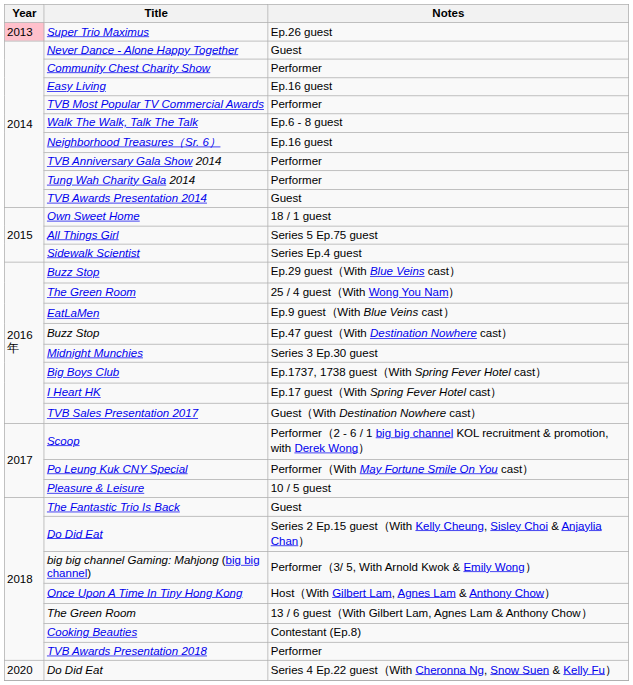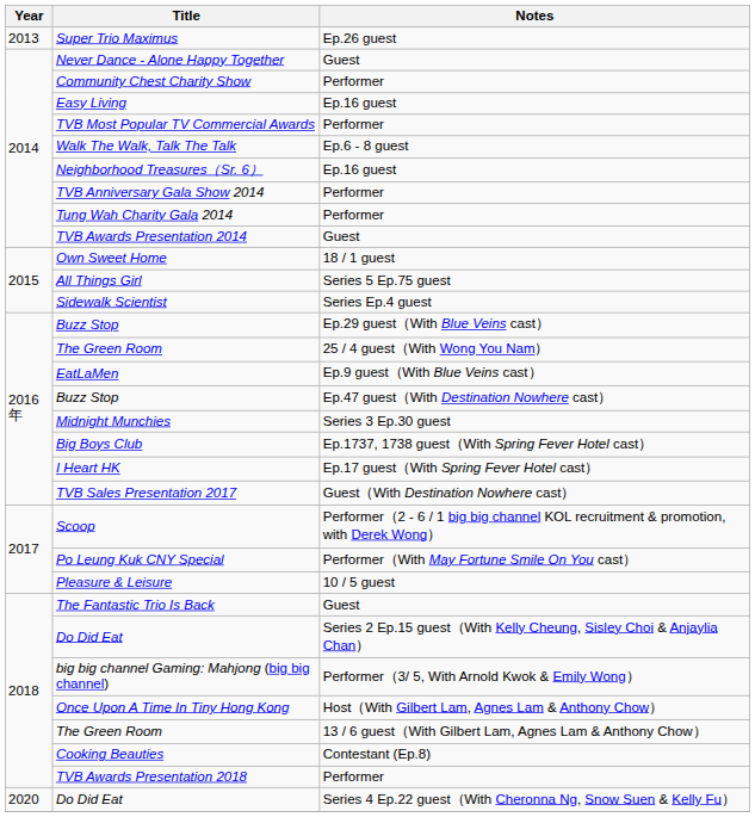 <table class="wikitable plainrowheaders sortable">
 <tr>
 <th scope="col">Year</th>
 <th scope="col">Title</th>
 <th scope="col">Notes</th>
 </tr>
 <tr>
-<td style="background: pink;">2013</td>
+<td>2013</td>
 <td><em><a href='#'>Super Trio Maximus</a></em></td>
 <td>Ep.26 guest</td>
 </tr>
 <tr>
 <td rowspan="9">2014</td>
 <td><em><a href='#'>Never Dance - Alone Happy Together</a></em></td>
 <td>Guest</td>
 </tr>
 <tr>
 <td><em><a href='#'>Community Chest Charity Show</a></em></td>
 <td>Performer</td>
 </tr>
 <tr>
 <td><em><a href='#'>Easy Living</a></em></td>
 <td>Ep.16 guest</td>
 </tr>
 <tr>
 <td><em><a href='#'>TVB Most Popular TV Commercial Awards</a></em></td>
 <td>Performer</td>
 </tr>
 <tr>
 <td><em><a href='#'>Walk The Walk, Talk The Talk</a></em></td>
 <td>Ep.6 - 8 guest</td>
 </tr>
 <tr>
 <td><em><a href='#'>Neighborhood Treasures（Sr. 6）</a></em></td>
 <td>Ep.16 guest</td>
 </tr>
 <tr>
 <td><em><a href='#'>TVB Anniversary Gala Show</a> 2014</em></td>
 <td>Performer</td>
 </tr>
 <tr>
 <td><em><a href='#'>Tung Wah Charity Gala</a> 2014</em></td>
 <td>Performer</td>
 </tr>
 <tr>
 <td><em><a href='#'>TVB Awards Presentation 2014</a></em></td>
 <td>Guest</td>
 </tr>
 <tr>
 <td rowspan="3">2015</td>
 <td><em><a href='#'>Own Sweet Home</a></em></td>
 <td>18 / 1 guest</td>
 </tr>
 <tr>
 <td><em><a href='#'>All Things Girl</a></em></td>
 <td>Series 5 Ep.75 guest</td>
 </tr>
 <tr>
 <td><em><a href='#'>Sidewalk Scientist</a></em></td>
 <td>Series Ep.4 guest</td>
 </tr>
 <tr>
 <td rowspan="8">2016年</td>
 <td><em><a href='#'>Buzz Stop</a></em></td>
 <td>Ep.29 guest（With <em><a href='#'>Blue Veins</a></em> cast）</td>
 </tr>
 <tr>
 <td><em><a href='#'>The Green Room</a></em></td>
 <td>25 / 4 guest（With <a href='#'>Wong You Nam</a>）</td>
 </tr>
 <tr>
 <td><em><a href='#'>EatLaMen</a></em></td>
 <td>Ep.9 guest（With <em>Blue Veins</em> cast）</td>
 </tr>
 <tr>
 <td><em>Buzz Stop</em></td>
 <td>Ep.47 guest（With <em><a href='#'>Destination Nowhere</a></em> cast）</td>
 </tr>
 <tr>
 <td><em><a href='#'>Midnight Munchies</a></em></td>
 <td>Series 3 Ep.30 guest</td>
 </tr>
 <tr>
 <td><em><a href='#'>Big Boys Club</a></em></td>
 <td>Ep.1737, 1738 guest（With <em>Spring Fever Hotel</em> cast）</td>
 </tr>
 <tr>
 <td><em><a href='#'>I Heart HK</a></em></td>
 <td>Ep.17 guest（With <em>Spring Fever Hotel</em> cast）</td>
 </tr>
 <tr>
 <td><em><a href='#'>TVB Sales Presentation 2017</a></em></td>
 <td>Guest（With <em>Destination Nowhere</em> cast）</td>
 </tr>
 <tr>
 <td rowspan="3">2017</td>
 <td><em><a href='#'>Scoop</a></em></td>
 <td>Performer（2 - 6 / 1 <a href='#'>big big channel</a> KOL recruitment & promotion, with <a href='#'>Derek Wong</a>）</td>
 </tr>
 <tr>
 <td><em><a href='#'>Po Leung Kuk CNY Special</a></em></td>
 <td>Performer（With <em><a href='#'>May Fortune Smile On You</a></em> cast）</td>
 </tr>
 <tr>
 <td><em><a href='#'>Pleasure & Leisure</a></em></td>
 <td>10 / 5 guest</td>
 </tr>
 <tr>
 <td rowspan="7">2018</td>
 <td><em><a href='#'>The Fantastic Trio Is Back</a></em></td>
 <td>Guest</td>
 </tr>
 <tr>
 <td><em><a href='#'>Do Did Eat</a></em></td>
 <td>Series 2 Ep.15 guest（With <a href='#'>Kelly Cheung</a>, <a href='#'>Sisley Choi</a> & <a href='#'>Anjaylia Chan</a>）</td>
 </tr>
 <tr>
 <td><em>big big channel Gaming: Mahjong</em> (<a href='#'>big big channel</a>)</td>
 <td>Performer（3/ 5, With Arnold Kwok & <a href='#'>Emily Wong</a>）</td>
 </tr>
 <tr>
 <td><em><a href='#'>Once Upon A Time In Tiny Hong Kong</a></em></td>
 <td>Host（With <a href='#'>Gilbert Lam</a>, <a href='#'>Agnes Lam</a> & <a href='#'>Anthony Chow</a>）</td>
 </tr>
 <tr>
 <td><em>The Green Room</em></td>
 <td>13 / 6 guest（With Gilbert Lam, Agnes Lam & Anthony Chow）</td>
 </tr>
 <tr>
 <td><em><a href='#'>Cooking Beauties</a></em></td>
 <td>Contestant (Ep.8)</td>
 </tr>
 <tr>
 <td><em><a href='#'>TVB Awards Presentation 2018</a></em></td>
 <td>Performer</td>
 </tr>
 <tr>
 <td>2020</td>
 <td><em>Do Did Eat</em></td>
 <td>Series 4 Ep.22 guest（With <a href='#'>Cheronna Ng</a>, <a href='#'>Snow Suen</a> & <a href='#'>Kelly Fu</a>）</td>
 </tr>
 <tr>
 </tr>
 </table>
